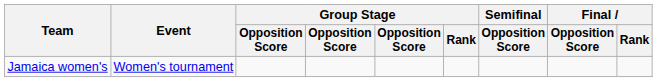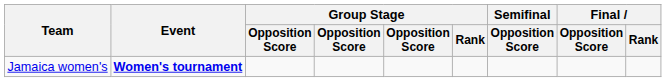 <table class=wikitable style=font-size:90%>
 <tr>
 <th rowspan=2>Team</th>
 <th rowspan=2>Event</th>
 <th colspan=4>Group Stage</th>
 <th>Semifinal</th>
 <th colspan=2>Final / </th>
 </tr>
 <tr style=font-size:95%>
 <th>Opposition<br>Score</th>
 <th>Opposition<br>Score</th>
 <th>Opposition<br>Score</th>
 <th>Rank</th>
 <th>Opposition<br>Score</th>
 <th>Opposition<br>Score</th>
 <th>Rank</th>
 </tr>
 <tr align=center>
 <td align=left><a href='#'>Jamaica women's</a></td>
-<td align=left><a href='#'>Women's tournament</a></td>
+<td align=left><strong><a href='#'>Women's tournament</a></strong></td>
 <td></td>
 <td></td>
 <td></td>
 <td></td>
 <td></td>
 <td></td>
 <td></td>
 </tr>
 </table>
